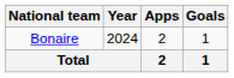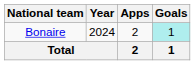 <table class="wikitable" style="text-align:center">
 <tr>
 <th>National team</th>
 <th>Year</th>
 <th>Apps</th>
 <th>Goals</th>
 </tr>
 <tr>
 <td rowspan="1"><a href='#'>Bonaire</a></td>
 <td>2024</td>
 <td>2</td>
-<td>1</td>
+<td style="background: paleturquoise;">1</td>
 </tr>
 <tr>
 <th colspan="2">Total</th>
 <th>2</th>
 <th>1</th>
 </tr>
 </table>
